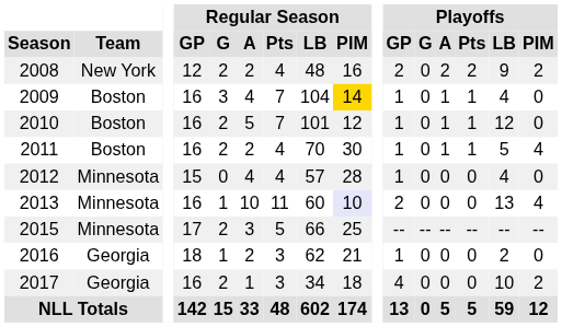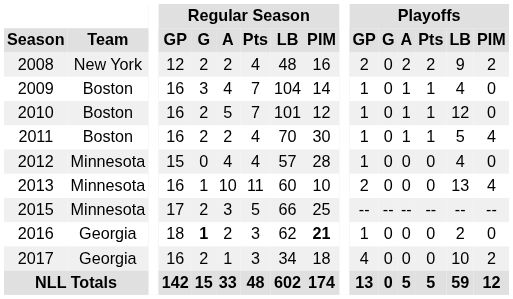 <table BORDER="0" CELLPADDING="3" CELLSPACING="0">
 <tr ALIGN="center" bgcolor="#e0e0e0">
 <th colspan="2" bgcolor="#ffffff"> </th>
 <th rowspan="99" bgcolor="#ffffff"> </th>
 <th colspan="6">Regular Season</th>
 <th rowspan="99" bgcolor="#ffffff"> </th>
 <th colspan="6">Playoffs</th>
 </tr>
 <tr ALIGN="center" bgcolor="#e0e0e0">
 <th>Season</th>
 <th>Team</th>
 <th>GP</th>
 <th>G</th>
 <th>A</th>
 <th>Pts</th>
 <th>LB</th>
 <th>PIM</th>
 <th>GP</th>
 <th>G</th>
 <th>A</th>
 <th>Pts</th>
 <th>LB</th>
 <th>PIM</th>
 </tr>
 <tr ALIGN="center" bgcolor="#f0f0f0">
 <td>2008</td>
 <td>New York</td>
 <td>12</td>
 <td>2</td>
 <td>2</td>
 <td>4</td>
 <td>48</td>
 <td>16</td>
 <td>2</td>
 <td>0</td>
 <td>2</td>
 <td>2</td>
 <td>9</td>
 <td>2</td>
 </tr>
 <tr ALIGN="center">
 <td>2009</td>
 <td>Boston</td>
 <td>16</td>
 <td>3</td>
 <td>4</td>
 <td>7</td>
 <td>104</td>
-<td style="background: gold;">14</td>
+<td>14</td>
 <td>1</td>
 <td>0</td>
 <td>1</td>
 <td>1</td>
 <td>4</td>
 <td>0</td>
 </tr>
 <tr ALIGN="center" bgcolor="#f0f0f0">
 <td>2010</td>
 <td>Boston</td>
 <td>16</td>
 <td>2</td>
 <td>5</td>
 <td>7</td>
 <td>101</td>
 <td>12</td>
 <td>1</td>
 <td>0</td>
 <td>1</td>
 <td>1</td>
 <td>12</td>
 <td>0</td>
 </tr>
 <tr ALIGN="center">
 <td>2011</td>
 <td>Boston</td>
 <td>16</td>
 <td>2</td>
 <td>2</td>
 <td>4</td>
 <td>70</td>
 <td>30</td>
 <td>1</td>
 <td>0</td>
 <td>1</td>
 <td>1</td>
 <td>5</td>
 <td>4</td>
 </tr>
 <tr ALIGN="center" bgcolor="#f0f0f0">
 <td>2012</td>
 <td>Minnesota</td>
 <td>15</td>
 <td>0</td>
 <td>4</td>
 <td>4</td>
 <td>57</td>
 <td>28</td>
 <td>1</td>
 <td>0</td>
 <td>0</td>
 <td>0</td>
 <td>4</td>
 <td>0</td>
 </tr>
 <tr ALIGN="center">
 <td>2013</td>
 <td>Minnesota</td>
 <td>16</td>
 <td>1</td>
 <td>10</td>
 <td>11</td>
 <td>60</td>
-<td style="background: lavender;">10</td>
+<td>10</td>
 <td>2</td>
 <td>0</td>
 <td>0</td>
 <td>0</td>
 <td>13</td>
 <td>4</td>
 </tr>
 <tr ALIGN="center" bgcolor="#f0f0f0">
 <td>2015</td>
 <td>Minnesota</td>
 <td>17</td>
 <td>2</td>
 <td>3</td>
 <td>5</td>
 <td>66</td>
 <td>25</td>
 <td>--</td>
 <td>--</td>
 <td>--</td>
 <td>--</td>
 <td>--</td>
 <td>--</td>
 </tr>
 <tr ALIGN="center">
 <td>2016</td>
 <td>Georgia</td>
 <td>18</td>
-<td>1</td>
+<td><strong>1</strong></td>
 <td>2</td>
 <td>3</td>
 <td>62</td>
-<td>21</td>
+<td><strong>21</strong></td>
 <td>1</td>
 <td>0</td>
 <td>0</td>
 <td>0</td>
 <td>2</td>
 <td>0</td>
 </tr>
 <tr ALIGN="center" bgcolor="#f0f0f0">
 <td>2017</td>
 <td>Georgia</td>
 <td>16</td>
 <td>2</td>
 <td>1</td>
 <td>3</td>
 <td>34</td>
 <td>18</td>
 <td>4</td>
 <td>0</td>
 <td>0</td>
 <td>0</td>
 <td>10</td>
 <td>2</td>
 </tr>
 <tr ALIGN="center" bgcolor="#e0e0e0">
 <th colspan="2">NLL Totals</th>
 <th>142</th>
 <th>15</th>
 <th>33</th>
 <th>48</th>
 <th>602</th>
 <th>174</th>
 <th>13</th>
 <th>0</th>
 <th>5</th>
 <th>5</th>
 <th>59</th>
 <th>12</th>
 </tr>
 </table>
